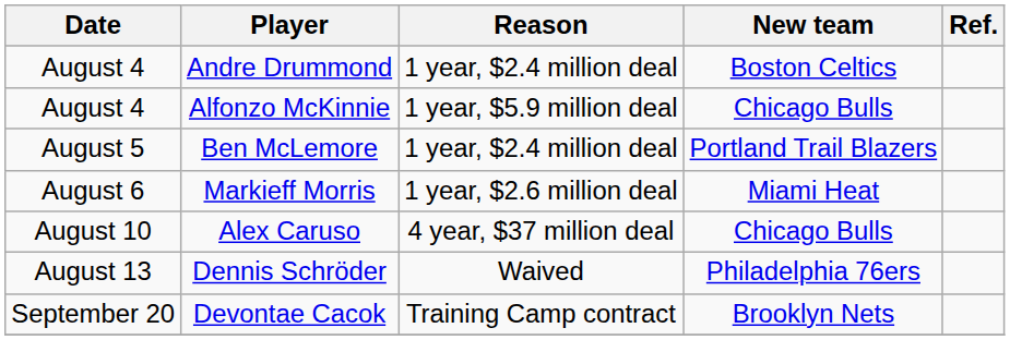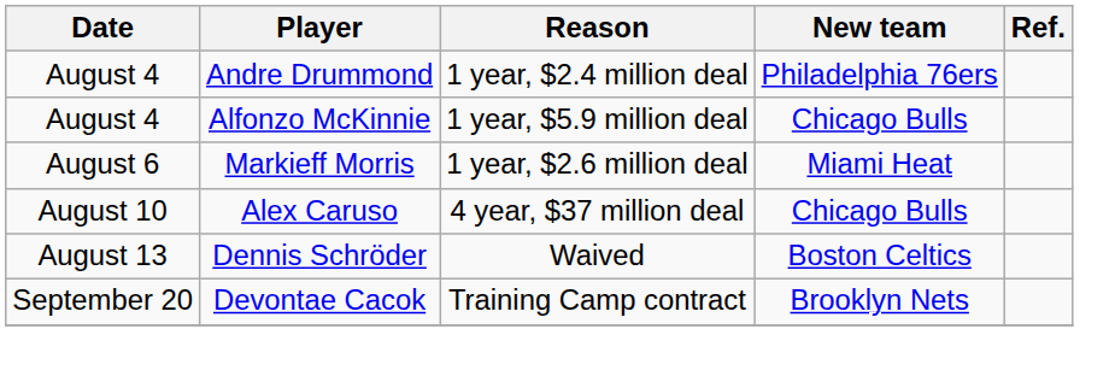 <table class="wikitable sortable sortable" style="text-align: center">
 <tr>
 <th>Date</th>
 <th>Player</th>
 <th>Reason</th>
 <th>New team</th>
 <th>Ref.</th>
 </tr>
 <tr>
 <td>August 4</td>
 <td><a href='#'>Andre Drummond</a></td>
 <td>1 year, $2.4 million deal</td>
-<td><a href='#'>Boston Celtics</a></td>
+<td><a href='#'>Philadelphia 76ers</a></td>
 <td></td>
 </tr>
 <tr>
 <td>August 4</td>
 <td><a href='#'>Alfonzo McKinnie</a></td>
 <td>1 year, $5.9 million deal</td>
 <td><a href='#'>Chicago Bulls</a></td>
-<td></td>
-</tr>
-<tr>
-<td>August 5</td>
-<td><a href='#'>Ben McLemore</a></td>
-<td>1 year, $2.4 million deal</td>
-<td><a href='#'>Portland Trail Blazers</a></td>
 <td></td>
 </tr>
 <tr>
 <td>August 6</td>
 <td><a href='#'>Markieff Morris</a></td>
 <td>1 year, $2.6 million deal</td>
 <td><a href='#'>Miami Heat</a></td>
 <td></td>
 </tr>
 <tr>
 <td>August 10</td>
 <td><a href='#'>Alex Caruso</a></td>
 <td>4 year, $37 million deal</td>
 <td><a href='#'>Chicago Bulls</a></td>
 <td></td>
 </tr>
 <tr>
 <td>August 13</td>
 <td><a href='#'>Dennis Schröder</a></td>
 <td>Waived</td>
-<td><a href='#'>Philadelphia 76ers</a></td>
+<td><a href='#'>Boston Celtics</a></td>
 <td></td>
 </tr>
 <tr>
 <td>September 20</td>
 <td><a href='#'>Devontae Cacok</a></td>
 <td>Training Camp contract</td>
 <td><a href='#'>Brooklyn Nets</a></td>
 <td></td>
 </tr>
 <tr>
 </tr>
 </table>
